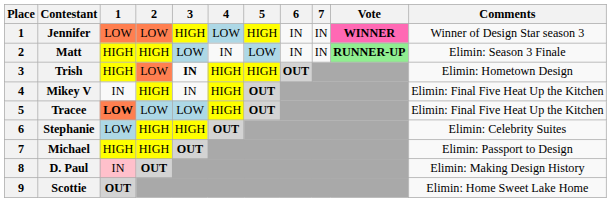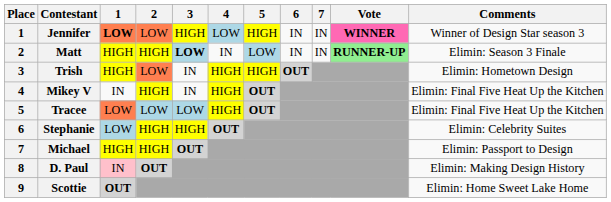 <table class="wikitable" style="text-align:center">
 <tr>
 <th>Place</th>
 <th>Contestant</th>
 <th>1</th>
 <th>2</th>
 <th>3</th>
 <th>4</th>
 <th>5</th>
 <th>6</th>
 <th>7</th>
 <th>Vote</th>
 <th>Comments</th>
 </tr>
 <tr>
 <th>1</th>
 <th>Jennifer</th>
-<td style="background:coral;">LOW</td>
+<td style="background:coral;"><strong>LOW</strong></td>
 <td style="background:coral;">LOW</td>
 <td style="background:yellow;">HIGH</td>
 <td style="background:lightblue;">LOW</td>
 <td style="background:yellow;">HIGH</td>
 <td>IN</td>
 <td>IN</td>
 <td style="background:hotpink;"><strong>WINNER</strong></td>
 <td>Winner of Design Star season 3</td>
 </tr>
 <tr>
 <th>2</th>
 <th>Matt</th>
 <td style="background:yellow;">HIGH</td>
 <td style="background:yellow;">HIGH</td>
-<td style="background:lightblue;">LOW</td>
+<td style="background:lightblue;"><strong>LOW</strong></td>
 <td>IN</td>
 <td style="background:lightblue;">LOW</td>
 <td>IN</td>
 <td>IN</td>
 <td style="background:lightgreen;"><strong>RUNNER-UP</strong></td>
 <td>Elimin: Season 3 Finale</td>
 </tr>
 <tr>
 <th>3</th>
 <th>Trish</th>
 <td style="background:yellow;">HIGH</td>
 <td style="background:coral;">LOW</td>
-<td><strong>IN</strong></td>
+<td>IN</td>
 <td style="background:yellow;">HIGH</td>
 <td style="background:yellow;">HIGH</td>
 <td style="background:lightgrey;"><strong>OUT</strong></td>
 <td colspan=2 style="background:darkgray;"></td>
 <td>Elimin: Hometown Design</td>
 </tr>
 <tr>
 <th>4</th>
 <th>Mikey V</th>
 <td>IN</td>
 <td style="background:yellow;">HIGH</td>
 <td>IN</td>
 <td style="background:yellow;">HIGH</td>
 <td style="background:lightgrey;"><strong>OUT</strong></td>
 <td colspan=3 style="background:darkgray;"></td>
 <td>Elimin: Final Five Heat Up the Kitchen</td>
 </tr>
 <tr>
 <th>5</th>
 <th>Tracee</th>
-<td style="background:coral;"><strong>LOW</strong></td>
+<td style="background:coral;">LOW</td>
 <td style="background:lightblue;">LOW</td>
 <td style="background:lightblue;">LOW</td>
 <td style="background:yellow;">HIGH</td>
 <td style="background:lightgrey;"><strong>OUT</strong></td>
 <td colspan=3 style="background:darkgray;"></td>
 <td>Elimin: Final Five Heat Up the Kitchen</td>
 </tr>
 <tr>
 <th>6</th>
 <th>Stephanie</th>
 <td style="background:lightblue;">LOW</td>
 <td style="background:yellow;">HIGH</td>
 <td style="background:yellow;">HIGH</td>
 <td style="background:lightgrey;"><strong>OUT</strong></td>
 <td colspan=4 style="background:darkgray;"></td>
 <td>Elimin: Celebrity Suites</td>
 </tr>
 <tr>
 <th>7</th>
 <th>Michael</th>
 <td style="background:yellow;">HIGH</td>
 <td style="background:yellow;">HIGH</td>
 <td style="background:lightgrey;"><strong>OUT</strong></td>
 <td colspan=5 style="background:darkgray;"></td>
 <td>Elimin: Passport to Design</td>
 </tr>
 <tr>
 <th>8</th>
 <th>D. Paul</th>
 <td style="background: pink;">IN</td>
 <td style="background:lightgrey;"><strong>OUT</strong></td>
 <td colspan=6 style="background:darkgray;"></td>
 <td>Elimin: Making Design History</td>
 </tr>
 <tr>
 <th>9</th>
 <th>Scottie</th>
 <td style="background:lightgrey;"><strong>OUT</strong></td>
 <td colspan=7 style="background:darkgray;"></td>
 <td>Elimin: Home Sweet Lake Home</td>
 </tr>
 </table>
